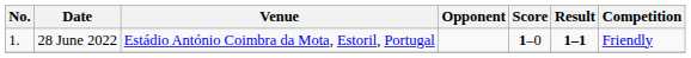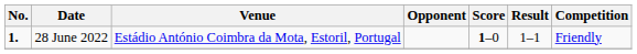 <table class="wikitable">
 <tr>
 <th>No.</th>
 <th>Date</th>
 <th>Venue</th>
 <th>Opponent</th>
 <th>Score</th>
 <th>Result</th>
 <th>Competition</th>
 </tr>
 <tr>
-<td>1.</td>
+<td><strong>1.</strong></td>
 <td>28 June 2022</td>
 <td><a href='#'>Estádio António Coimbra da Mota</a>, <a href='#'>Estoril</a>, <a href='#'>Portugal</a></td>
 <td></td>
 <td align=center><strong>1</strong>–0</td>
-<td align=center><strong>1–1</strong></td>
+<td align=center>1–1</td>
 <td><a href='#'>Friendly</a></td>
 </tr>
 <tr>
 </tr>
 </table>
